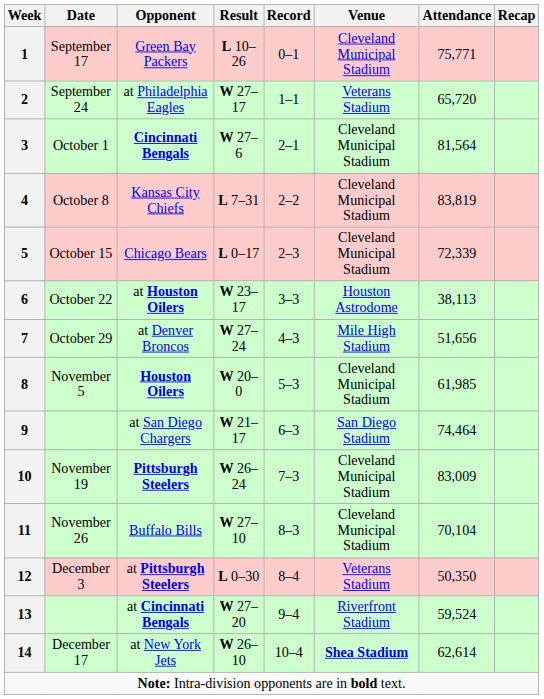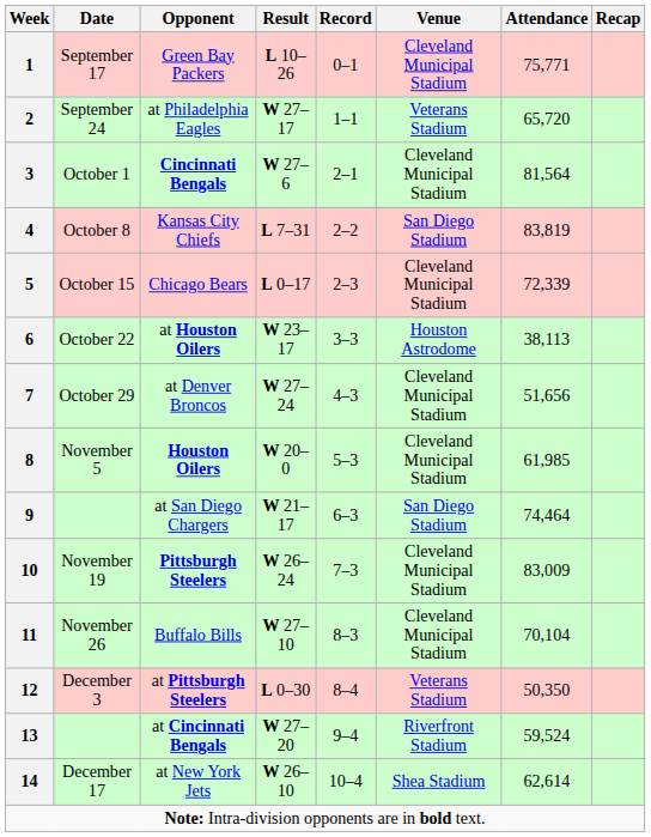 <table class="wikitable" style="text-align:center">
 <tr>
 <th>Week</th>
 <th>Date</th>
 <th>Opponent</th>
 <th>Result</th>
 <th>Record</th>
 <th>Venue</th>
 <th>Attendance</th>
 <th>Recap</th>
 </tr>
 <tr style="background:#fcc">
 <th>1</th>
 <td>September 17</td>
 <td><a href='#'>Green Bay Packers</a></td>
 <td><strong>L</strong> 10–26</td>
 <td>0–1</td>
 <td><a href='#'>Cleveland Municipal Stadium</a></td>
 <td>75,771</td>
 <td></td>
 </tr>
 <tr style="background:#cfc">
 <th>2</th>
 <td>September 24</td>
 <td>at <a href='#'>Philadelphia Eagles</a></td>
 <td><strong>W</strong> 27–17</td>
 <td>1–1</td>
 <td><a href='#'>Veterans Stadium</a></td>
 <td>65,720</td>
 <td></td>
 </tr>
 <tr style="background:#cfc">
 <th>3</th>
 <td>October 1</td>
 <td><strong><a href='#'>Cincinnati Bengals</a></strong></td>
 <td><strong>W</strong> 27–6</td>
 <td>2–1</td>
 <td>Cleveland Municipal Stadium</td>
 <td>81,564</td>
 <td></td>
 </tr>
 <tr style="background:#fcc">
 <th>4</th>
 <td>October 8</td>
 <td><a href='#'>Kansas City Chiefs</a></td>
 <td><strong>L</strong> 7–31</td>
 <td>2–2</td>
-<td>Cleveland Municipal Stadium</td>
+<td><a href='#'>San Diego Stadium</a></td>
 <td>83,819</td>
 <td></td>
 </tr>
 <tr style="background:#fcc">
 <th>5</th>
 <td>October 15</td>
 <td><a href='#'>Chicago Bears</a></td>
 <td><strong>L</strong> 0–17</td>
 <td>2–3</td>
 <td>Cleveland Municipal Stadium</td>
 <td>72,339</td>
 <td></td>
 </tr>
 <tr style="background:#cfc">
 <th>6</th>
 <td>October 22</td>
 <td>at <strong><a href='#'>Houston Oilers</a></strong></td>
 <td><strong>W</strong> 23–17</td>
 <td>3–3</td>
 <td><a href='#'>Houston Astrodome</a></td>
 <td>38,113</td>
 <td></td>
 </tr>
 <tr style="background:#cfc">
 <th>7</th>
 <td>October 29</td>
 <td>at <a href='#'>Denver Broncos</a></td>
 <td><strong>W</strong> 27–24</td>
 <td>4–3</td>
-<td><a href='#'>Mile High Stadium</a></td>
+<td>Cleveland Municipal Stadium</td>
 <td>51,656</td>
 <td></td>
 </tr>
 <tr style="background:#cfc">
 <th>8</th>
 <td>November 5</td>
 <td><strong><a href='#'>Houston Oilers</a></strong></td>
 <td><strong>W</strong> 20–0</td>
 <td>5–3</td>
 <td>Cleveland Municipal Stadium</td>
 <td>61,985</td>
 <td></td>
 </tr>
 <tr style="background:#cfc">
 <th>9</th>
 <td></td>
 <td>at <a href='#'>San Diego Chargers</a></td>
 <td><strong>W</strong> 21–17</td>
 <td>6–3</td>
 <td><a href='#'>San Diego Stadium</a></td>
 <td>74,464</td>
 <td></td>
 </tr>
 <tr style="background:#cfc">
 <th>10</th>
 <td>November 19</td>
 <td><strong><a href='#'>Pittsburgh Steelers</a></strong></td>
 <td><strong>W</strong> 26–24</td>
 <td>7–3</td>
 <td>Cleveland Municipal Stadium</td>
 <td>83,009</td>
 <td></td>
 </tr>
 <tr style="background:#cfc">
 <th>11</th>
 <td>November 26</td>
 <td><a href='#'>Buffalo Bills</a></td>
 <td><strong>W</strong> 27–10</td>
 <td>8–3</td>
 <td>Cleveland Municipal Stadium</td>
 <td>70,104</td>
 <td></td>
 </tr>
 <tr style="background:#fcc">
 <th>12</th>
 <td>December 3</td>
 <td>at <strong><a href='#'>Pittsburgh Steelers</a></strong></td>
 <td><strong>L</strong> 0–30</td>
 <td>8–4</td>
 <td><a href='#'>Veterans Stadium</a></td>
 <td>50,350</td>
 <td></td>
 </tr>
 <tr style="background:#cfc">
 <th>13</th>
 <td></td>
 <td>at <strong><a href='#'>Cincinnati Bengals</a></strong></td>
 <td><strong>W</strong> 27–20</td>
 <td>9–4</td>
 <td><a href='#'>Riverfront Stadium</a></td>
 <td>59,524</td>
 <td></td>
 </tr>
 <tr style="background:#cfc">
 <th>14</th>
 <td>December 17</td>
 <td>at <a href='#'>New York Jets</a></td>
 <td><strong>W</strong> 26–10</td>
 <td>10–4</td>
-<td><strong><a href='#'>Shea Stadium</a></strong></td>
+<td><a href='#'>Shea Stadium</a></td>
 <td>62,614</td>
 <td></td>
 </tr>
 <tr>
 <td colspan="8"><strong>Note:</strong> Intra-division opponents are in <strong>bold</strong> text.</td>
 </tr>
 </table>
